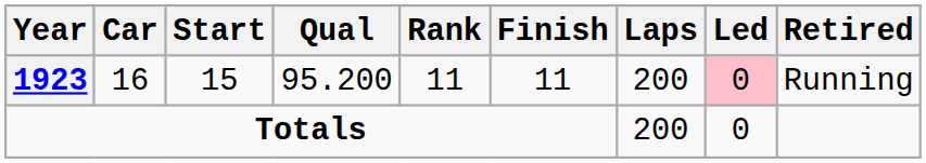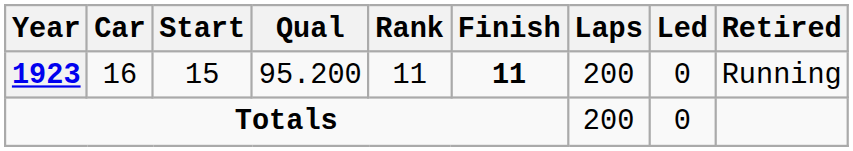 <table class="wikitable" style="text-align:center">
 <tr>
 <th>Year</th>
 <th>Car</th>
 <th>Start</th>
 <th>Qual</th>
 <th>Rank</th>
 <th>Finish</th>
 <th>Laps</th>
 <th>Led</th>
 <th>Retired</th>
 </tr>
 <tr>
 <th><a href='#'>1923</a></th>
 <td>16</td>
 <td>15</td>
 <td>95.200</td>
 <td>11</td>
-<td>11</td>
+<td><strong>11</strong></td>
 <td>200</td>
-<td style="background: pink;">0</td>
+<td>0</td>
 <td>Running</td>
 </tr>
 <tr>
 <td colspan=6><strong>Totals</strong></td>
 <td>200</td>
 <td>0</td>
 <td></td>
 </tr>
 </table>
